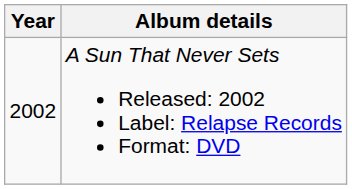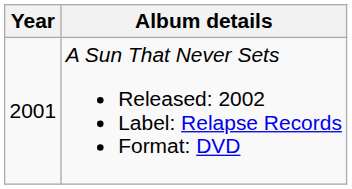 <table class="wikitable">
 <tr>
 <th>Year</th>
 <th>Album details</th>
 </tr>
 <tr>
-<td>2002</td>
+<td>2001</td>
 <td><em>A Sun That Never Sets</em><br><ul><li>Released: 2002</li><li>Label: <a href='#'>Relapse Records</a></li><li>Format: <a href='#'>DVD</a></li></ul></td>
 </tr>
 </table>
